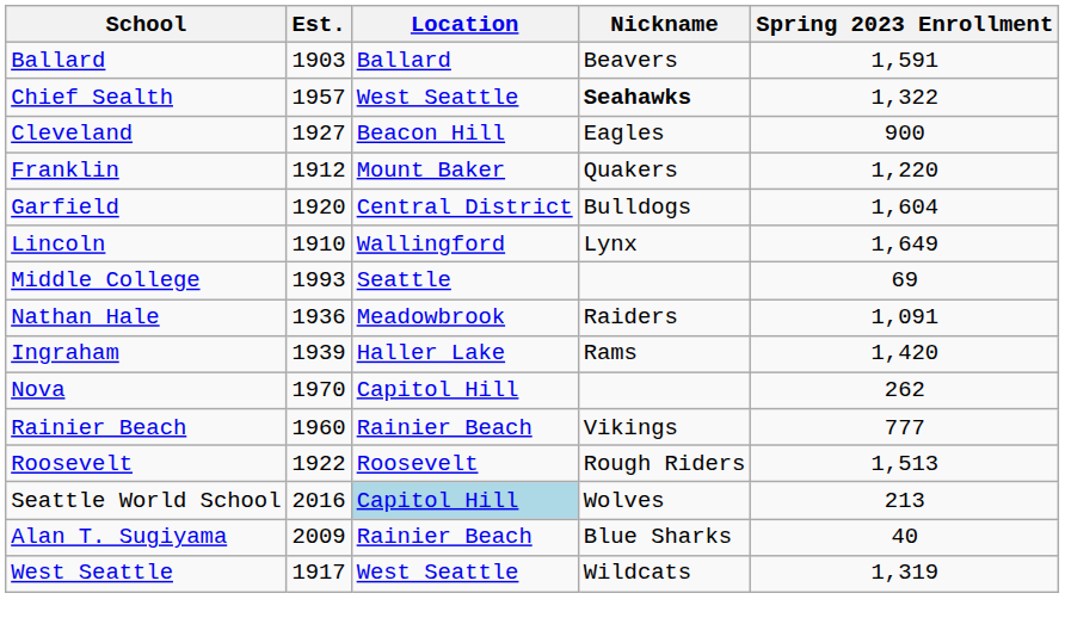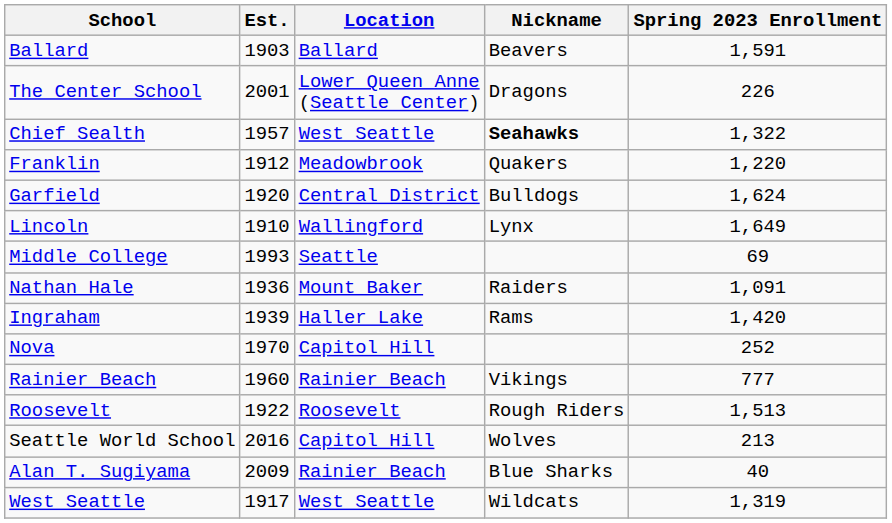 <table class="wikitable sortable">
 <tr>
 <th>School</th>
 <th align="center">Est.</th>
 <th><a href='#'>Location</a></th>
 <th>Nickname</th>
 <th>Spring 2023 Enrollment</th>
 </tr>
 <tr>
 <td><a href='#'>Ballard</a></td>
 <td align="center">1903</td>
 <td><a href='#'>Ballard</a></td>
 <td>Beavers</td>
 <td align="center">1,591</td>
 </tr>
 <tr>
+<td><a href='#'>The Center School</a></td>
+<td align="center">2001</td>
+<td><a href='#'>Lower Queen Anne</a><br>(<a href='#'>Seattle Center</a>)</td>
+<td>Dragons</td>
+<td align="center">226</td>
+</tr>
+<tr>
 <td><a href='#'>Chief Sealth</a></td>
 <td align="center">1957</td>
 <td><a href='#'>West Seattle</a></td>
 <td><strong>Seahawks</strong></td>
 <td align="center">1,322</td>
 </tr>
 <tr>
-<td><a href='#'>Cleveland</a></td>
-<td align="center">1927</td>
-<td><a href='#'>Beacon Hill</a></td>
-<td>Eagles</td>
-<td align="center">900</td>
-</tr>
-<tr>
 <td><a href='#'>Franklin</a></td>
 <td align="center">1912</td>
-<td><a href='#'>Mount Baker</a></td>
+<td><a href='#'>Meadowbrook</a></td>
 <td>Quakers</td>
 <td align="center">1,220</td>
 </tr>
 <tr>
 <td><a href='#'>Garfield</a></td>
 <td align="center">1920</td>
 <td><a href='#'>Central District</a></td>
 <td>Bulldogs</td>
-<td align="center">1,604</td>
+<td align="center">1,624</td>
 </tr>
 <tr>
 <td><a href='#'>Lincoln</a></td>
 <td align="center">1910</td>
 <td><a href='#'>Wallingford</a></td>
 <td>Lynx</td>
 <td align="center">1,649</td>
 </tr>
 <tr>
 <td><a href='#'>Middle College</a></td>
 <td align="center">1993</td>
 <td><a href='#'>Seattle</a></td>
 <td></td>
 <td align="center">69</td>
 </tr>
 <tr>
 <td><a href='#'>Nathan Hale</a></td>
 <td align="center">1936</td>
-<td><a href='#'>Meadowbrook</a></td>
+<td><a href='#'>Mount Baker</a></td>
 <td>Raiders</td>
 <td align="center">1,091</td>
 </tr>
 <tr o>
 <td><a href='#'>Ingraham</a></td>
 <td align="center">1939</td>
 <td><a href='#'>Haller Lake</a></td>
 <td>Rams</td>
 <td align="center">1,420</td>
 </tr>
 <tr>
 <td><a href='#'>Nova</a></td>
 <td align="center">1970</td>
 <td><a href='#'>Capitol Hill</a></td>
 <td></td>
-<td align="center">262</td>
+<td align="center">252</td>
 </tr>
 <tr>
 <td><a href='#'>Rainier Beach</a></td>
 <td align="center">1960</td>
 <td><a href='#'>Rainier Beach</a></td>
 <td>Vikings</td>
 <td align="center">777</td>
 </tr>
 <tr>
 <td><a href='#'>Roosevelt</a></td>
 <td align="center">1922</td>
 <td><a href='#'>Roosevelt</a></td>
 <td>Rough Riders</td>
 <td align="center">1,513</td>
 </tr>
 <tr>
 <td>Seattle World School</td>
 <td align="center">2016</td>
-<td style="background: lightblue;"><a href='#'>Capitol Hill</a></td>
+<td><a href='#'>Capitol Hill</a></td>
 <td>Wolves</td>
 <td align="center">213</td>
 </tr>
 <tr>
 <td><a href='#'>Alan T. Sugiyama</a></td>
 <td align="center">2009</td>
 <td><a href='#'>Rainier Beach</a></td>
 <td>Blue Sharks</td>
 <td align="center">40</td>
 </tr>
 <tr>
 <td><a href='#'>West Seattle</a></td>
 <td align="center">1917</td>
 <td><a href='#'>West Seattle</a></td>
 <td>Wildcats</td>
 <td align="center">1,319</td>
 </tr>
 </table>
